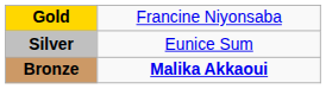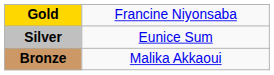 <table class="wikitable" style=" text-align:center; " width="35%">
 <tr>
 <td bgcolor="gold"><strong>Gold</strong></td>
 <td><a href='#'>Francine Niyonsaba</a><br>  <small><em></em></small></td>
 </tr>
 <tr>
 <td bgcolor="silver"><strong>Silver</strong></td>
 <td><a href='#'>Eunice Sum</a><br>  <small><em></em></small></td>
 </tr>
 <tr>
 <td bgcolor="CC9966"><strong>Bronze</strong></td>
-<td><strong><a href='#'>Malika Akkaoui</a><br>  <small><em></em></small></strong></td>
+<td><a href='#'>Malika Akkaoui</a><br>  <small><em></em></small></td>
 </tr>
 </table>
